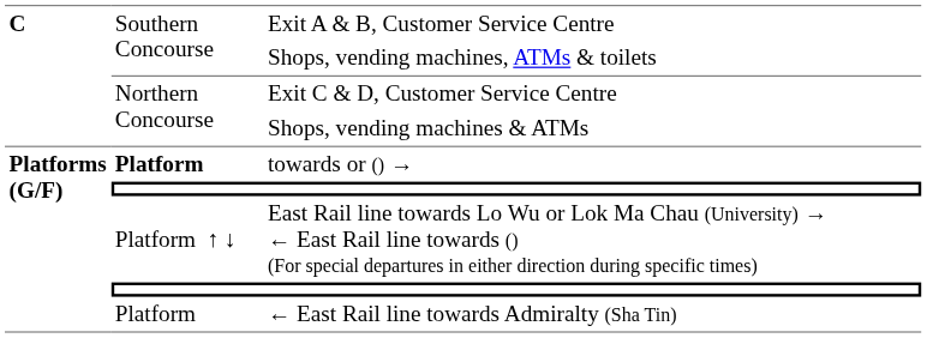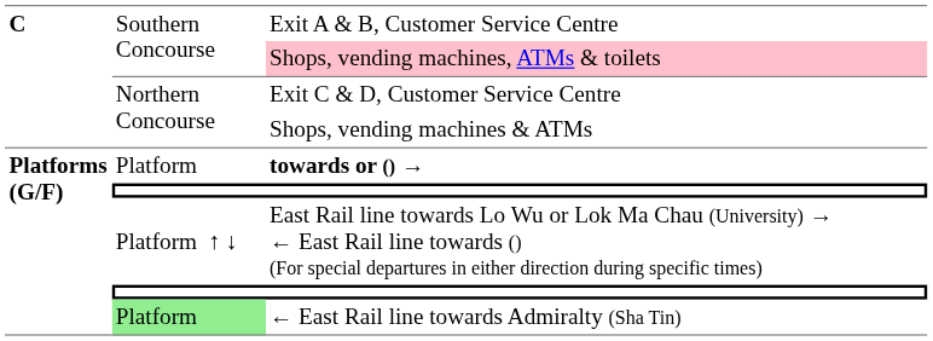 <table border=0 cellspacing=0 cellpadding=3>
 <tr style="vertical-align:top;">
 <td style="border-bottom:solid 1px gray;border-top:solid 1px gray;width:50px;" rowspan=4><strong>C</strong></td>
 <td style="border-top:solid 1px gray;border-bottom:solid 1px gray;width:100px;" rowspan=2>Southern Concourse</td>
 <td style="border-top:solid 1px gray;width:450px;">Exit A & B, Customer Service Centre</td>
 </tr>
 <tr>
-<td style="border-bottom:solid 1px gray;">Shops, vending machines, <a href='#'>ATMs</a> & toilets</td>
+<td style="background: pink; border-bottom:solid 1px gray;">Shops, vending machines, <a href='#'>ATMs</a> & toilets</td>
 </tr>
 <tr>
 <td style="border-bottom:solid 1px gray;vertical-align:top;" rowspan=2>Northern Concourse</td>
 <td>Exit C & D, Customer Service Centre</td>
 </tr>
 <tr>
 <td style="border-bottom:solid 1px gray;">Shops, vending machines & ATMs</td>
 </tr>
 <tr>
 <td style="border-bottom:solid 1px gray;vertical-align:top;" rowspan=5><strong>Platforms<br>(G/F)</strong></td>
-<td><strong>Platform </strong></td>
-<td>  towards  or  <small>()</small> →</td>
+<td>Platform </td>
+<td><strong>  towards  or  <small>()</small> →</strong></td>
 </tr>
 <tr>
 <td style="border-top:solid 2px black;border-right:solid 2px black;border-left:solid 2px black;border-bottom:solid 2px black;text-align:center;" colspan=2></td>
 </tr>
 <tr>
 <td>Platform   <span><strong>↑ ↓</strong></span></td>
 <td>  East Rail line towards Lo Wu or Lok Ma Chau <small>(University)</small> →<br>←  East Rail line towards  <small>()</small><br><small>(For special departures in either direction during specific times)</small></td>
 </tr>
 <tr>
 <td style="border-top:solid 2px black;border-right:solid 2px black;border-left:solid 2px black;border-bottom:solid 2px black;text-align:center;" colspan=2></td>
 </tr>
 <tr>
-<td style="border-bottom:solid 1px gray;">Platform </td>
+<td style="background: lightgreen; border-bottom:solid 1px gray;">Platform </td>
 <td style="border-bottom:solid 1px gray;">←  East Rail line towards Admiralty <small>(Sha Tin)</small></td>
 </tr>
 </table>
